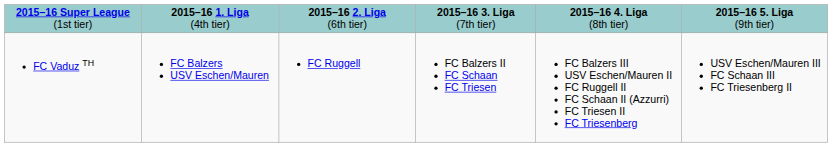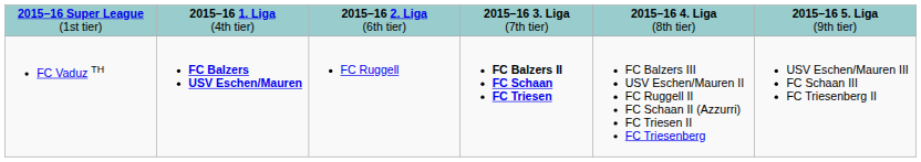 <table class="wikitable">
 <tr valign="top" bgcolor="#99CCCC">
 <td align="center" width="16%"><strong><a href='#'>2015–16 Super League</a></strong><br>(1st tier)</td>
 <td align="center" width="16%"><strong>2015–16 <a href='#'>1. Liga</a></strong><br>(4th tier)</td>
 <td align="center" width="16%"><strong>2015–16 <a href='#'>2. Liga</a></strong><br>(6th tier)</td>
 <td align="center" width="14%"><strong>2015–16 3. Liga</strong><br>(7th tier)</td>
 <td align="center" width="17%"><strong>2015–16 4. Liga</strong><br>(8th tier)</td>
 <td align="center" width="17%"><strong>2015–16 5. Liga</strong><br>(9th tier)</td>
 </tr>
 <tr valign="top">
 <td><br><ul><li><a href='#'>FC Vaduz</a> <sup>TH</sup></li></ul></td>
-<td><br><ul><li><a href='#'>FC Balzers</a></li><li><a href='#'>USV Eschen/Mauren</a></li></ul></td>
+<td><strong><br><ul><li><a href='#'>FC Balzers</a></li><li><a href='#'>USV Eschen/Mauren</a></li></ul></strong></td>
 <td><br><ul><li><a href='#'>FC Ruggell</a></li></ul></td>
-<td><br><ul><li>FC Balzers II</li><li><a href='#'>FC Schaan</a></li><li><a href='#'>FC Triesen</a></li></ul></td>
+<td><strong><br><ul><li>FC Balzers II</li><li><a href='#'>FC Schaan</a></li><li><a href='#'>FC Triesen</a></li></ul></strong></td>
 <td><br><ul><li>FC Balzers III</li><li>USV Eschen/Mauren II</li><li>FC Ruggell II</li><li>FC Schaan II (Azzurri)</li><li>FC Triesen II</li><li><a href='#'>FC Triesenberg</a></li></ul></td>
 <td><br><ul><li>USV Eschen/Mauren III</li><li>FC Schaan III</li><li>FC Triesenberg II</li></ul></td>
 </tr>
 </table>
